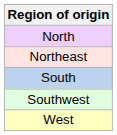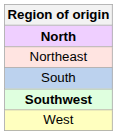 <table class="wikitable">
 <tr>
 <th>Region of origin</th>
 </tr>
 <tr align="center">
-<td style="background:#efcfff">North</td>
+<td style="background:#efcfff"><strong>North</strong></td>
 </tr>
 <tr align="center">
 <td style="background:#FFE4E1">Northeast</td>
 </tr>
 <tr align="center">
 <td style="background:#BCD2EE">South</td>
 </tr>
 <tr align="center">
-<td style="background:#dfffdf">Southwest</td>
+<td style="background:#dfffdf"><strong>Southwest</strong></td>
 </tr>
 <tr align="center">
 <td style="background:#ffffbf">West</td>
 </tr>
 </table>
